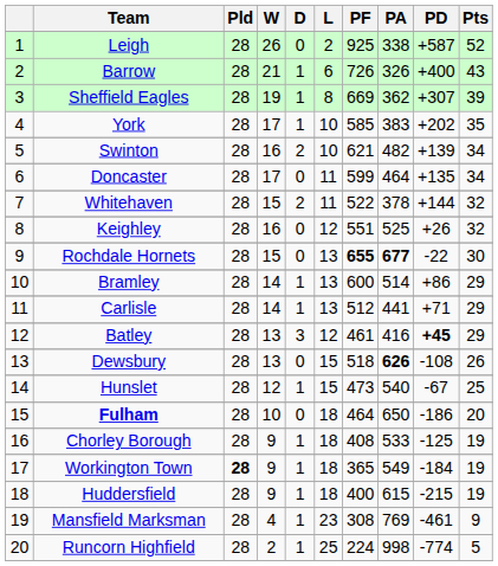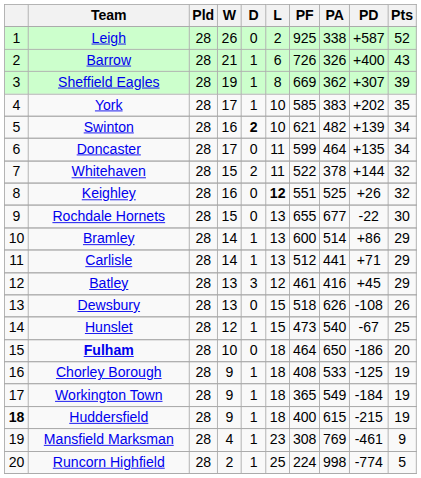 <table class="wikitable" style="text-align:center;">
 <tr>
 <th width=20 abbr="Position"></th>
 <th width=175>Team</th>
 <th width=20 abbr="Played">Pld</th>
 <th width=20 abbr="Won">W</th>
 <th width=20 abbr="Drawn">D</th>
 <th width=20 abbr="Lost">L</th>
 <th width=20 abbr=”Points For”>PF</th>
 <th width=20 abbr=”Points Against”>PA</th>
 <th width=20 abbr="Points difference">PD</th>
 <th width=20 abbr="Points">Pts</th>
 </tr>
 <tr>
 </tr>
 <tr align=center style="background:#ccffcc;color:">
 <td>1</td>
 <td><a href='#'>Leigh</a></td>
 <td>28</td>
 <td>26</td>
 <td>0</td>
 <td>2</td>
 <td>925</td>
 <td>338</td>
 <td>+587</td>
 <td>52</td>
 </tr>
 <tr align=center style="background:#ccffcc;color:">
 <td>2</td>
 <td><a href='#'>Barrow</a></td>
 <td>28</td>
 <td>21</td>
 <td>1</td>
 <td>6</td>
 <td>726</td>
 <td>326</td>
 <td>+400</td>
 <td>43</td>
 </tr>
 <tr align=center style="background:#ccffcc;color:">
 <td>3</td>
 <td><a href='#'>Sheffield Eagles</a></td>
 <td>28</td>
 <td>19</td>
 <td>1</td>
 <td>8</td>
 <td>669</td>
 <td>362</td>
 <td>+307</td>
 <td>39</td>
 </tr>
 <tr align=center style="background:">
 <td>4</td>
 <td><a href='#'>York</a></td>
 <td>28</td>
 <td>17</td>
 <td>1</td>
 <td>10</td>
 <td>585</td>
 <td>383</td>
 <td>+202</td>
 <td>35</td>
 </tr>
 <tr>
 </tr>
 <tr align=center style="background:">
 <td>5</td>
 <td><a href='#'>Swinton</a></td>
 <td>28</td>
 <td>16</td>
-<td>2</td>
+<td><strong>2</strong></td>
 <td>10</td>
 <td>621</td>
 <td>482</td>
 <td>+139</td>
 <td>34</td>
 </tr>
 <tr>
 </tr>
 <tr align=center style="background:">
 <td>6</td>
 <td><a href='#'>Doncaster</a></td>
 <td>28</td>
 <td>17</td>
 <td>0</td>
 <td>11</td>
 <td>599</td>
 <td>464</td>
 <td>+135</td>
 <td>34</td>
 </tr>
 <tr>
 </tr>
 <tr align=center style="background:">
 <td>7</td>
 <td><a href='#'>Whitehaven</a></td>
 <td>28</td>
 <td>15</td>
 <td>2</td>
 <td>11</td>
 <td>522</td>
 <td>378</td>
 <td>+144</td>
 <td>32</td>
 </tr>
 <tr>
 </tr>
 <tr align=center style="background:">
 <td>8</td>
 <td><a href='#'>Keighley</a></td>
 <td>28</td>
 <td>16</td>
 <td>0</td>
-<td>12</td>
+<td><strong>12</strong></td>
 <td>551</td>
 <td>525</td>
 <td>+26</td>
 <td>32</td>
 </tr>
 <tr>
 </tr>
 <tr align=center style="background:">
 <td>9</td>
 <td><a href='#'>Rochdale Hornets</a></td>
 <td>28</td>
 <td>15</td>
 <td>0</td>
 <td>13</td>
-<td><strong>655</strong></td>
-<td><strong>677</strong></td>
+<td>655</td>
+<td>677</td>
 <td>-22</td>
 <td>30</td>
 </tr>
 <tr>
 </tr>
 <tr align=center style="background:">
 <td>10</td>
 <td><a href='#'>Bramley</a></td>
 <td>28</td>
 <td>14</td>
 <td>1</td>
 <td>13</td>
 <td>600</td>
 <td>514</td>
 <td>+86</td>
 <td>29</td>
 </tr>
 <tr>
 </tr>
 <tr align=center style="background:">
 <td>11</td>
 <td><a href='#'>Carlisle</a></td>
 <td>28</td>
 <td>14</td>
 <td>1</td>
 <td>13</td>
 <td>512</td>
 <td>441</td>
 <td>+71</td>
 <td>29</td>
 </tr>
 <tr>
 </tr>
 <tr align=center style="background:">
 <td>12</td>
 <td><a href='#'>Batley</a></td>
 <td>28</td>
 <td>13</td>
 <td>3</td>
 <td>12</td>
 <td>461</td>
 <td>416</td>
-<td><strong>+45</strong></td>
+<td>+45</td>
 <td>29</td>
 </tr>
 <tr>
 </tr>
 <tr align=center style="background:">
 <td>13</td>
 <td><a href='#'>Dewsbury</a></td>
 <td>28</td>
 <td>13</td>
 <td>0</td>
 <td>15</td>
 <td>518</td>
-<td><strong>626</strong></td>
+<td>626</td>
 <td>-108</td>
 <td>26</td>
 </tr>
 <tr>
 </tr>
 <tr align=center style="background:">
 <td>14</td>
 <td><a href='#'>Hunslet</a></td>
 <td>28</td>
 <td>12</td>
 <td>1</td>
 <td>15</td>
 <td>473</td>
 <td>540</td>
 <td>-67</td>
 <td>25</td>
 </tr>
 <tr>
 </tr>
 <tr align=center style="background:">
 <td>15</td>
 <td><strong><a href='#'>Fulham</a></strong></td>
 <td>28</td>
 <td>10</td>
 <td>0</td>
 <td>18</td>
 <td>464</td>
 <td>650</td>
 <td>-186</td>
 <td>20</td>
 </tr>
 <tr>
 </tr>
 <tr align=center style="background:">
 <td>16</td>
 <td><a href='#'>Chorley Borough</a></td>
 <td>28</td>
 <td>9</td>
 <td>1</td>
 <td>18</td>
 <td>408</td>
 <td>533</td>
 <td>-125</td>
 <td>19</td>
 </tr>
 <tr>
 </tr>
 <tr align=center style="background:">
 <td>17</td>
 <td><a href='#'>Workington Town</a></td>
-<td><strong>28</strong></td>
+<td>28</td>
 <td>9</td>
 <td>1</td>
 <td>18</td>
 <td>365</td>
 <td>549</td>
 <td>-184</td>
 <td>19</td>
 </tr>
 <tr>
 </tr>
 <tr align=center style="background:">
-<td>18</td>
+<td><strong>18</strong></td>
 <td><a href='#'>Huddersfield</a></td>
 <td>28</td>
 <td>9</td>
 <td>1</td>
 <td>18</td>
 <td>400</td>
 <td>615</td>
 <td>-215</td>
 <td>19</td>
 </tr>
 <tr>
 </tr>
 <tr align=center style="background:">
 <td>19</td>
 <td><a href='#'>Mansfield Marksman</a></td>
 <td>28</td>
 <td>4</td>
 <td>1</td>
 <td>23</td>
 <td>308</td>
 <td>769</td>
 <td>-461</td>
 <td>9</td>
 </tr>
 <tr>
 </tr>
 <tr align=center style="background:">
 <td>20</td>
 <td><a href='#'>Runcorn Highfield</a></td>
 <td>28</td>
 <td>2</td>
 <td>1</td>
 <td>25</td>
 <td>224</td>
 <td>998</td>
 <td>-774</td>
 <td>5</td>
 </tr>
 <tr>
 </tr>
 </table>
